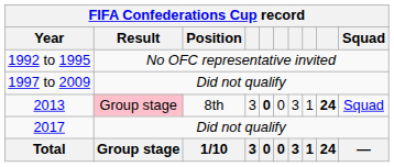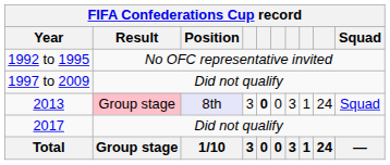 <table class="wikitable"  style="text-align:center;">
 <tr>
 <th colspan=10><a href='#'>FIFA Confederations Cup</a> record</th>
 </tr>
 <tr>
 <th>Year</th>
 <th>Result</th>
 <th>Position</th>
 <th></th>
 <th></th>
 <th></th>
 <th></th>
 <th></th>
 <th></th>
 <th>Squad</th>
 </tr>
 <tr>
 <td><a href='#'>1992</a> to <a href='#'>1995</a></td>
 <td colspan=9><em>No OFC representative invited</em></td>
 </tr>
 <tr>
 <td><a href='#'>1997</a> to <a href='#'>2009</a></td>
 <td colspan=9><em>Did not qualify</em></td>
 </tr>
 <tr>
 <td> <a href='#'>2013</a></td>
 <td style="background: pink;">Group stage</td>
-<td>8th</td>
+<td style="background: lavender;">8th</td>
 <td>3</td>
 <td><strong>0</strong></td>
 <td>0</td>
 <td>3</td>
 <td>1</td>
-<td><strong>24</strong></td>
+<td>24</td>
 <td><a href='#'>Squad</a></td>
 </tr>
 <tr>
 <td> <a href='#'>2017</a></td>
 <td colspan=9><em>Did not qualify</em></td>
 </tr>
 <tr>
 <th>Total</th>
 <th>Group stage</th>
 <th>1/10</th>
 <th>3</th>
 <th>0</th>
 <th>0</th>
 <th>3</th>
 <th>1</th>
 <th>24</th>
 <th>—</th>
 </tr>
 </table>
